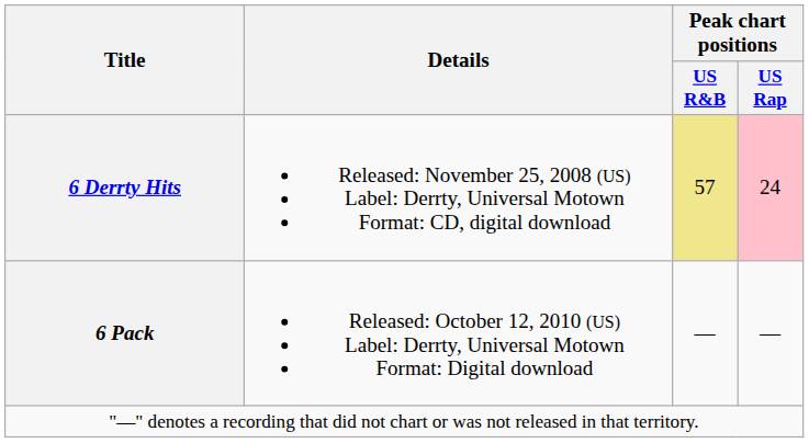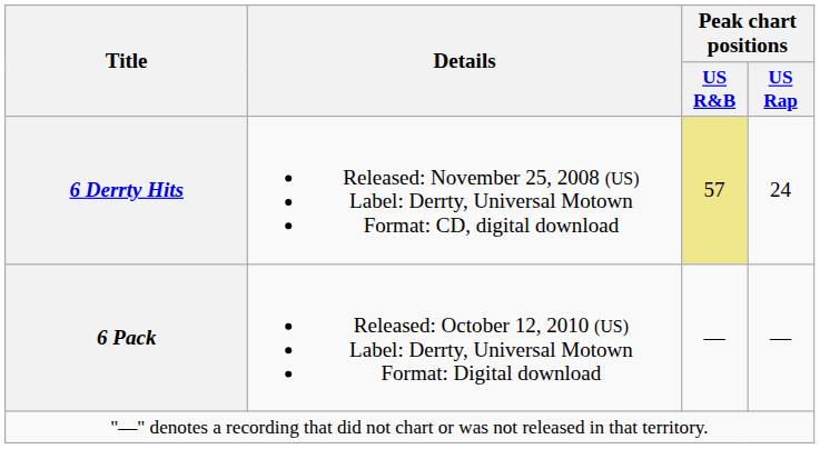 <table class="wikitable plainrowheaders" style="text-align:center;" border="1">
 <tr>
 <th scope="col" rowspan="2" style="width:11em;">Title</th>
 <th scope="col" rowspan="2" style="width:20em;">Details</th>
 <th scope="col" colspan="2">Peak chart positions</th>
 </tr>
 <tr>
 <th scope="col" style="width:3em;font-size:90%;"><a href='#'>US<br>R&B</a><br></th>
 <th scope="col" style="width:3em;font-size:90%;"><a href='#'>US<br>Rap</a><br></th>
 </tr>
 <tr>
 <th scope="row"><em><a href='#'>6 Derrty Hits</a></em></th>
 <td><br><ul><li>Released: November 25, 2008 <small>(US)</small></li><li>Label: Derrty, Universal Motown</li><li>Format: CD, digital download</li></ul></td>
 <td style="background: khaki;">57</td>
-<td style="background: pink;">24</td>
+<td>24</td>
 </tr>
 <tr>
 <th scope="row"><em>6 Pack</em></th>
 <td><br><ul><li>Released: October 12, 2010 <small>(US)</small></li><li>Label: Derrty, Universal Motown</li><li>Format: Digital download</li></ul></td>
 <td>—</td>
 <td>—</td>
 </tr>
 <tr>
 <td colspan="14" style="font-size:90%">"—" denotes a recording that did not chart or was not released in that territory.</td>
 </tr>
 </table>
